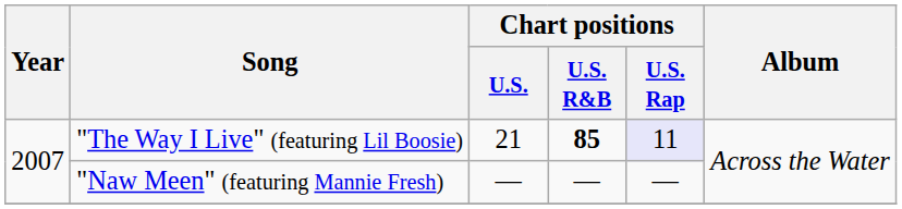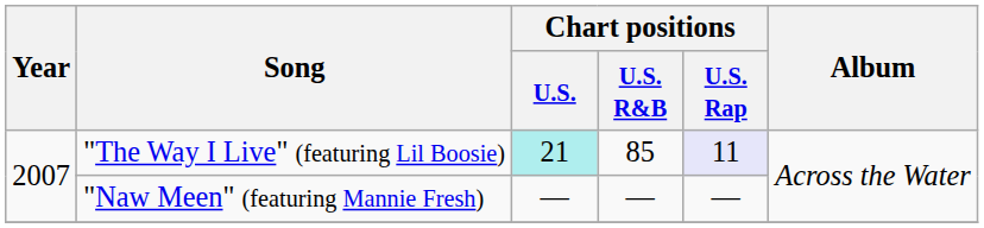 <table class="wikitable">
 <tr>
 <th rowspan="2">Year</th>
 <th rowspan="2">Song</th>
 <th colspan="3">Chart positions</th>
 <th rowspan="2">Album</th>
 </tr>
 <tr>
 <th width="40"><small><a href='#'>U.S.</a></small></th>
 <th width="40"><small><a href='#'>U.S. R&B</a></small></th>
 <th width="40"><small><a href='#'>U.S. Rap</a></small></th>
 </tr>
 <tr>
 <td align="center" rowspan=2>2007</td>
 <td>"<a href='#'>The Way I Live</a>" <small>(featuring <a href='#'>Lil Boosie</a>)</small></td>
-<td align="center">21</td>
-<td align="center"><strong>85</strong></td>
+<td align="center" style="background: paleturquoise;">21</td>
+<td align="center">85</td>
 <td align="center" style="background: lavender;">11</td>
 <td rowspan=2><em>Across the Water</em></td>
 </tr>
 <tr>
 <td>"<a href='#'>Naw Meen</a>" <small>(featuring <a href='#'>Mannie Fresh</a>)</small></td>
 <td align="center">—</td>
 <td align="center">—</td>
 <td align="center">—</td>
 </tr>
 <tr>
 </tr>
 </table>
